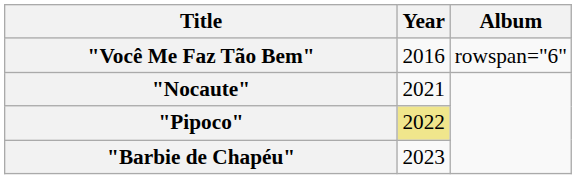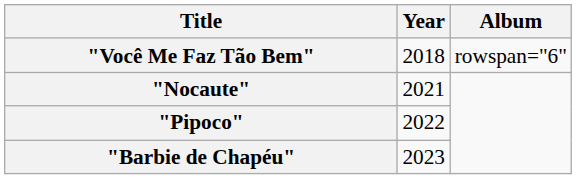 <table class="wikitable plainrowheaders" style="text-align:center;">
 <tr>
 <th scope="col" style="width:18em;">Title</th>
 <th scope="col">Year</th>
 <th scope="col">Album</th>
 </tr>
 <tr>
 <th scope="row">"Você Me Faz Tão Bem"<br></th>
-<td>2016</td>
+<td>2018</td>
 <td>rowspan="6" </td>
 </tr>
 <tr>
 <th scope="row">"Nocaute"<br></th>
 <td>2021</td>
 </tr>
 <tr>
 <th scope="row">"Pipoco"<br></th>
-<td style="background: khaki;">2022</td>
+<td>2022</td>
 </tr>
 <tr>
 <th scope="row">"Barbie de Chapéu"<br></th>
 <td>2023</td>
 </tr>
 </table>
